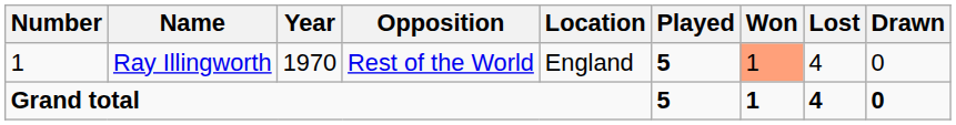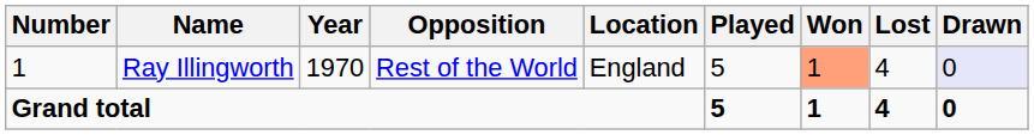 <table class="wikitable">
 <tr>
 <th>Number</th>
 <th>Name</th>
 <th>Year</th>
 <th>Opposition</th>
 <th>Location</th>
 <th>Played</th>
 <th>Won</th>
 <th>Lost</th>
 <th>Drawn</th>
 </tr>
 <tr>
 <td>1</td>
 <td><a href='#'>Ray Illingworth</a></td>
 <td>1970</td>
 <td><a href='#'>Rest of the World</a></td>
 <td>England</td>
-<td><strong>5</strong></td>
+<td>5</td>
 <td style="background: lightsalmon;">1</td>
 <td>4</td>
-<td>0</td>
+<td style="background: lavender;">0</td>
 </tr>
 <tr>
 <td colspan=5><strong>Grand total</strong></td>
 <td><strong>5</strong></td>
 <td><strong>1</strong></td>
 <td><strong>4</strong></td>
 <td><strong>0</strong></td>
 </tr>
 </table>
